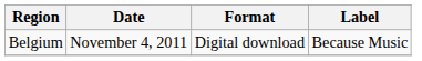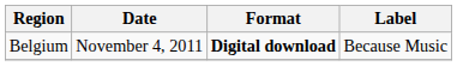 <table class=wikitable>
 <tr>
 <th>Region</th>
 <th>Date</th>
 <th>Format</th>
 <th>Label</th>
 </tr>
 <tr>
 <td>Belgium</td>
 <td>November 4, 2011</td>
-<td>Digital download</td>
+<td><strong>Digital download</strong></td>
 <td>Because Music</td>
 </tr>
 <tr>
 </tr>
 </table>
